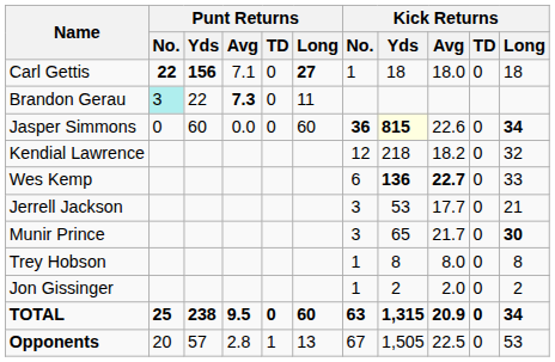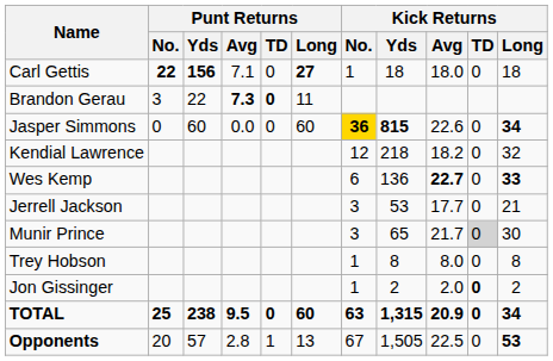 <table class="wikitable" style="white-space:nowrap;">
 <tr>
 <th rowspan="2">Name</th>
 <th colspan="5">Punt Returns</th>
 <th colspan="5">Kick Returns</th>
 </tr>
 <tr>
 <th>No.</th>
 <th>Yds</th>
 <th>Avg</th>
 <th>TD</th>
 <th>Long</th>
 <th>No.</th>
 <th>Yds</th>
 <th>Avg</th>
 <th>TD</th>
 <th>Long</th>
 </tr>
 <tr>
 <td>Carl Gettis</td>
 <td> <strong>22</strong></td>
 <td><strong>156</strong></td>
 <td> 7.1</td>
 <td>0</td>
 <td><strong>27</strong></td>
 <td>1</td>
 <td> 18</td>
 <td>18.0</td>
 <td>0</td>
 <td>18</td>
 </tr>
 <tr>
 <td>Brandon Gerau</td>
-<td style="background: paleturquoise;">3</td>
+<td>3</td>
 <td>22</td>
 <td> <strong>7.3</strong></td>
-<td>0</td>
+<td><strong>0</strong></td>
 <td>11</td>
 <td></td>
 <td></td>
 <td></td>
 <td></td>
 <td></td>
 </tr>
 <tr>
 <td>Jasper Simmons</td>
 <td>0</td>
 <td>60</td>
 <td> 0.0</td>
 <td>0</td>
 <td>60</td>
-<td> <strong>36</strong></td>
-<td style="background: lightyellow;"><strong>815</strong></td>
+<td style="background: gold;"> <strong>36</strong></td>
+<td><strong>815</strong></td>
 <td>22.6</td>
 <td>0</td>
 <td><strong>34</strong></td>
 </tr>
 <tr>
 <td>Kendial Lawrence</td>
 <td></td>
 <td></td>
 <td></td>
 <td></td>
 <td></td>
 <td> 12</td>
 <td>218</td>
 <td>18.2</td>
 <td>0</td>
 <td>32</td>
 </tr>
 <tr>
 <td>Wes Kemp</td>
 <td></td>
 <td></td>
 <td></td>
 <td></td>
 <td></td>
 <td> 6</td>
-<td><strong>136</strong></td>
+<td>136</td>
 <td><strong>22.7</strong></td>
 <td>0</td>
-<td>33</td>
+<td><strong>33</strong></td>
 </tr>
 <tr>
 <td>Jerrell Jackson</td>
 <td></td>
 <td></td>
 <td></td>
 <td></td>
 <td></td>
 <td> 3</td>
 <td>  53</td>
 <td>17.7</td>
 <td>0</td>
 <td>21</td>
 </tr>
 <tr>
 <td>Munir Prince</td>
 <td></td>
 <td></td>
 <td></td>
 <td></td>
 <td></td>
 <td> 3</td>
 <td>  65</td>
 <td>21.7</td>
-<td>0</td>
-<td><strong>30</strong></td>
+<td style="background: lightgrey;">0</td>
+<td>30</td>
 </tr>
 <tr>
 <td>Trey Hobson</td>
 <td></td>
 <td></td>
 <td></td>
 <td></td>
 <td></td>
 <td> 1</td>
 <td>   8</td>
 <td>  8.0</td>
 <td>0</td>
 <td>  8</td>
 </tr>
 <tr>
 <td>Jon Gissinger</td>
 <td></td>
 <td></td>
 <td></td>
 <td></td>
 <td></td>
 <td> 1</td>
 <td>   2</td>
 <td>  2.0</td>
-<td>0</td>
+<td><strong>0</strong></td>
 <td>  2</td>
 </tr>
 <tr>
 <td><strong>TOTAL</strong></td>
 <td><strong>25</strong></td>
 <td><strong>238</strong></td>
 <td><strong>9.5</strong></td>
 <td><strong>0</strong></td>
 <td><strong>60</strong></td>
 <td><strong>63</strong></td>
 <td><strong>1,315</strong></td>
 <td><strong>20.9</strong></td>
 <td><strong>0</strong></td>
 <td><strong>34</strong></td>
 </tr>
 <tr>
 <td><strong>Opponents</strong></td>
 <td>20</td>
 <td>57</td>
 <td>2.8</td>
 <td>1</td>
 <td>13</td>
 <td>67</td>
 <td>1,505</td>
 <td>22.5</td>
 <td>0</td>
-<td>53</td>
+<td><strong>53</strong></td>
 </tr>
 </table>
